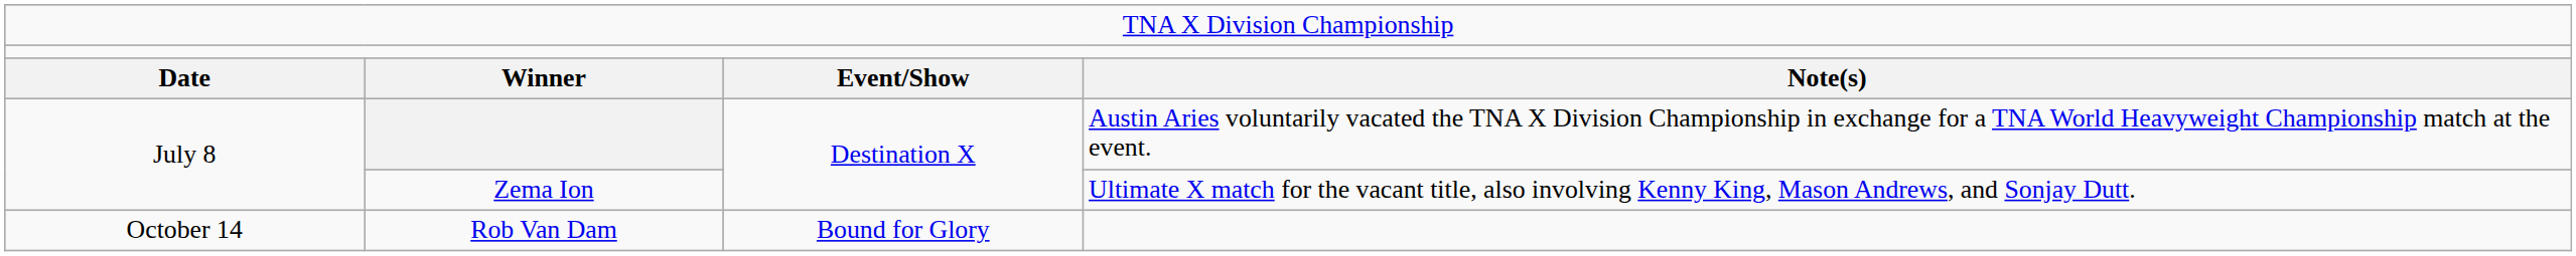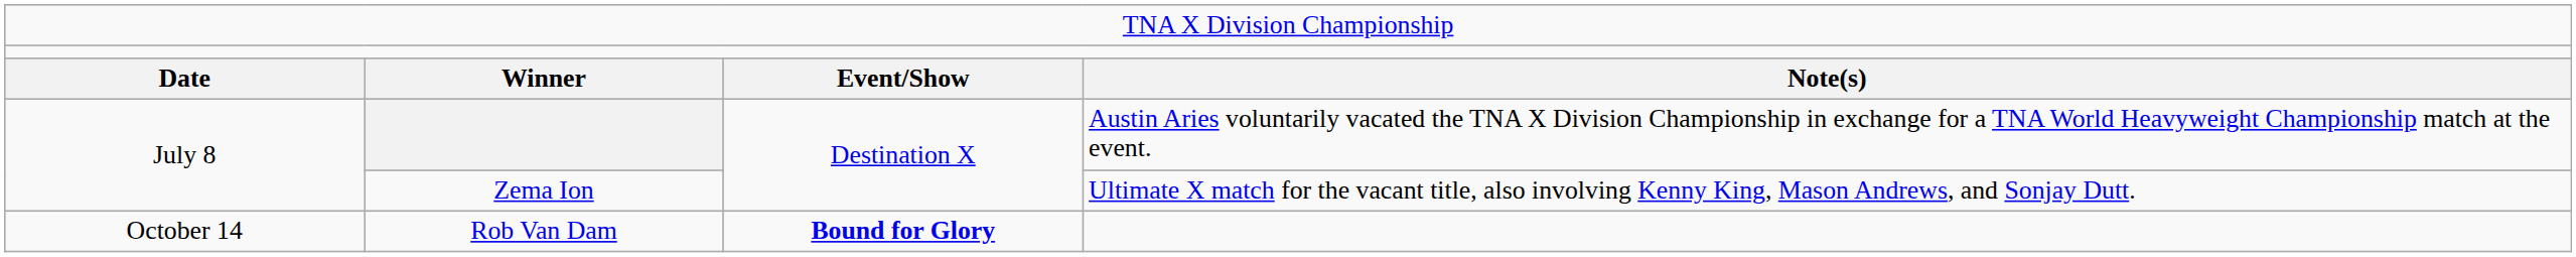 <table class="wikitable" style="text-align:center; width:100%;">
 <tr>
 <td colspan="5"><a href='#'>TNA X Division Championship</a></td>
 </tr>
 <tr>
 <td colspan="5"><strong></strong></td>
 </tr>
 <tr>
 <th width="14%">Date</th>
 <th width="14%">Winner</th>
 <th width="14%">Event/Show</th>
 <th width="58%">Note(s)</th>
 </tr>
 <tr>
 <td rowspan=2>July 8</td>
 <th></th>
 <td rowspan=2><a href='#'>Destination X</a></td>
 <td align=left><a href='#'>Austin Aries</a> voluntarily vacated the TNA X Division Championship in exchange for a <a href='#'>TNA World Heavyweight Championship</a> match at the event.</td>
 </tr>
 <tr>
 <td><a href='#'>Zema Ion</a></td>
 <td align=left><a href='#'>Ultimate X match</a> for the vacant title, also involving <a href='#'>Kenny King</a>, <a href='#'>Mason Andrews</a>, and <a href='#'>Sonjay Dutt</a>.</td>
 </tr>
 <tr>
 <td>October 14</td>
 <td><a href='#'>Rob Van Dam</a></td>
-<td><a href='#'>Bound for Glory</a></td>
+<td><strong><a href='#'>Bound for Glory</a></strong></td>
 <td></td>
 </tr>
 </table>
